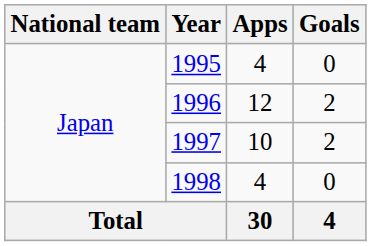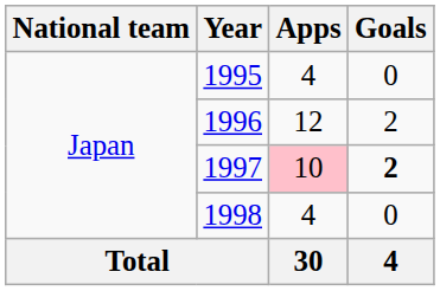 <table class="wikitable" style="text-align:center">
 <tr>
 <th>National team</th>
 <th>Year</th>
 <th>Apps</th>
 <th>Goals</th>
 </tr>
 <tr>
 <td rowspan="4"><a href='#'>Japan</a></td>
 <td><a href='#'>1995</a></td>
 <td>4</td>
 <td>0</td>
 </tr>
 <tr>
 <td><a href='#'>1996</a></td>
 <td>12</td>
 <td>2</td>
 </tr>
 <tr>
 <td><a href='#'>1997</a></td>
-<td>10</td>
-<td>2</td>
+<td style="background: pink;">10</td>
+<td><strong>2</strong></td>
 </tr>
 <tr>
 <td><a href='#'>1998</a></td>
 <td>4</td>
 <td>0</td>
 </tr>
 <tr>
 <th colspan="2">Total</th>
 <th>30</th>
 <th>4</th>
 </tr>
 </table>
